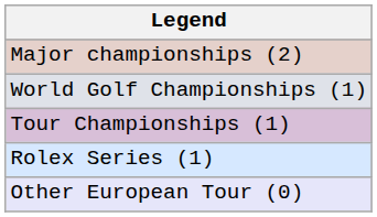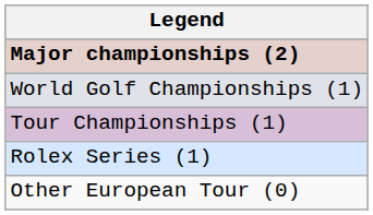 <table class="wikitable" style="font-size:95%;">
 <tr>
 <th>Legend</th>
 </tr>
 <tr style="background:#e5d1cb;">
-<td>Major championships (2)</td>
+<td><strong>Major championships (2)</strong></td>
 </tr>
 <tr style="background:#dfe2e9">
 <td>World Golf Championships (1)</td>
 </tr>
 <tr style="background:thistle;">
 <td>Tour Championships (1)</td>
 </tr>
 <tr style="background:#D6E8FF;">
 <td>Rolex Series (1)</td>
 </tr>
 <tr>
-<td style="background: lavender;">Other European Tour (0)</td>
+<td>Other European Tour (0)</td>
 </tr>
 </table>
